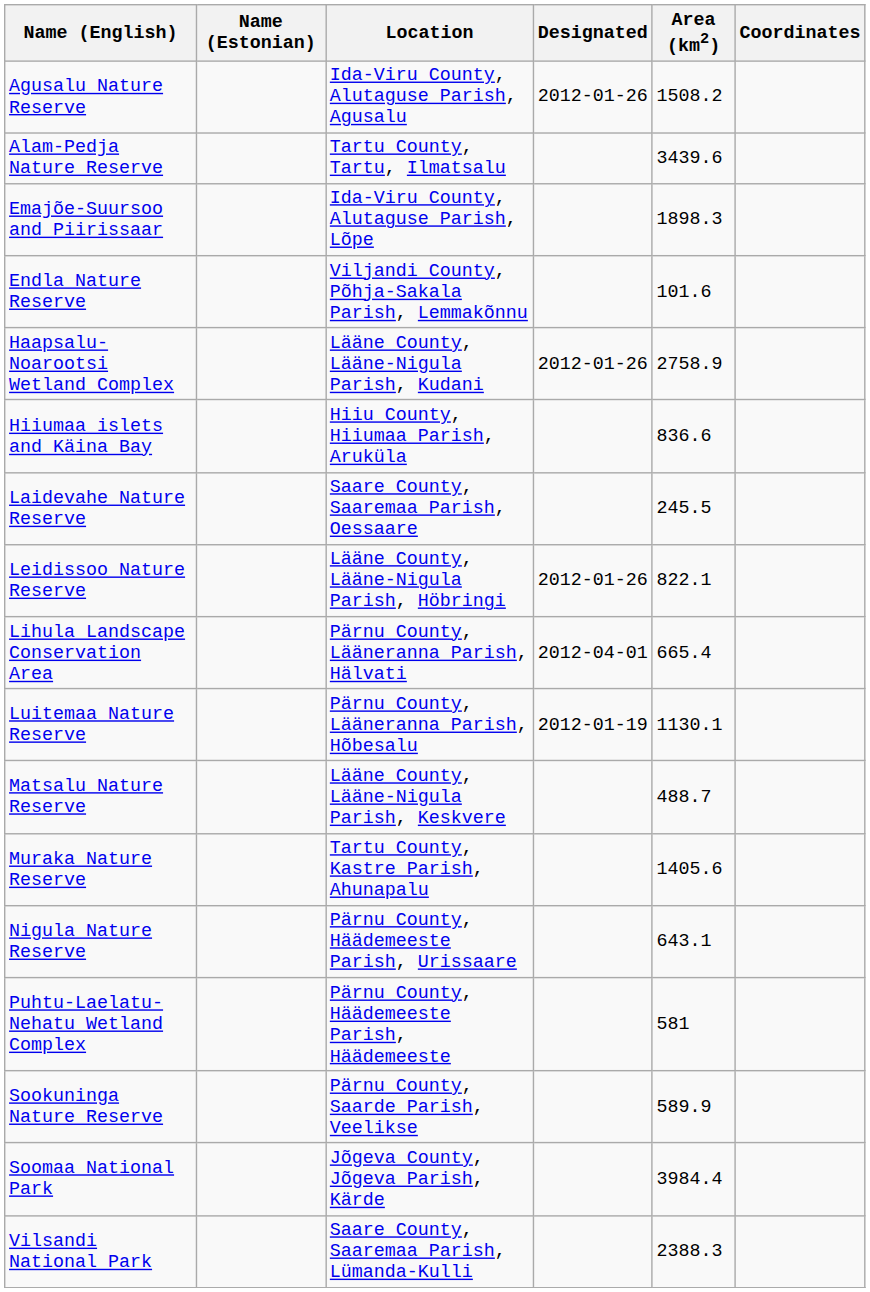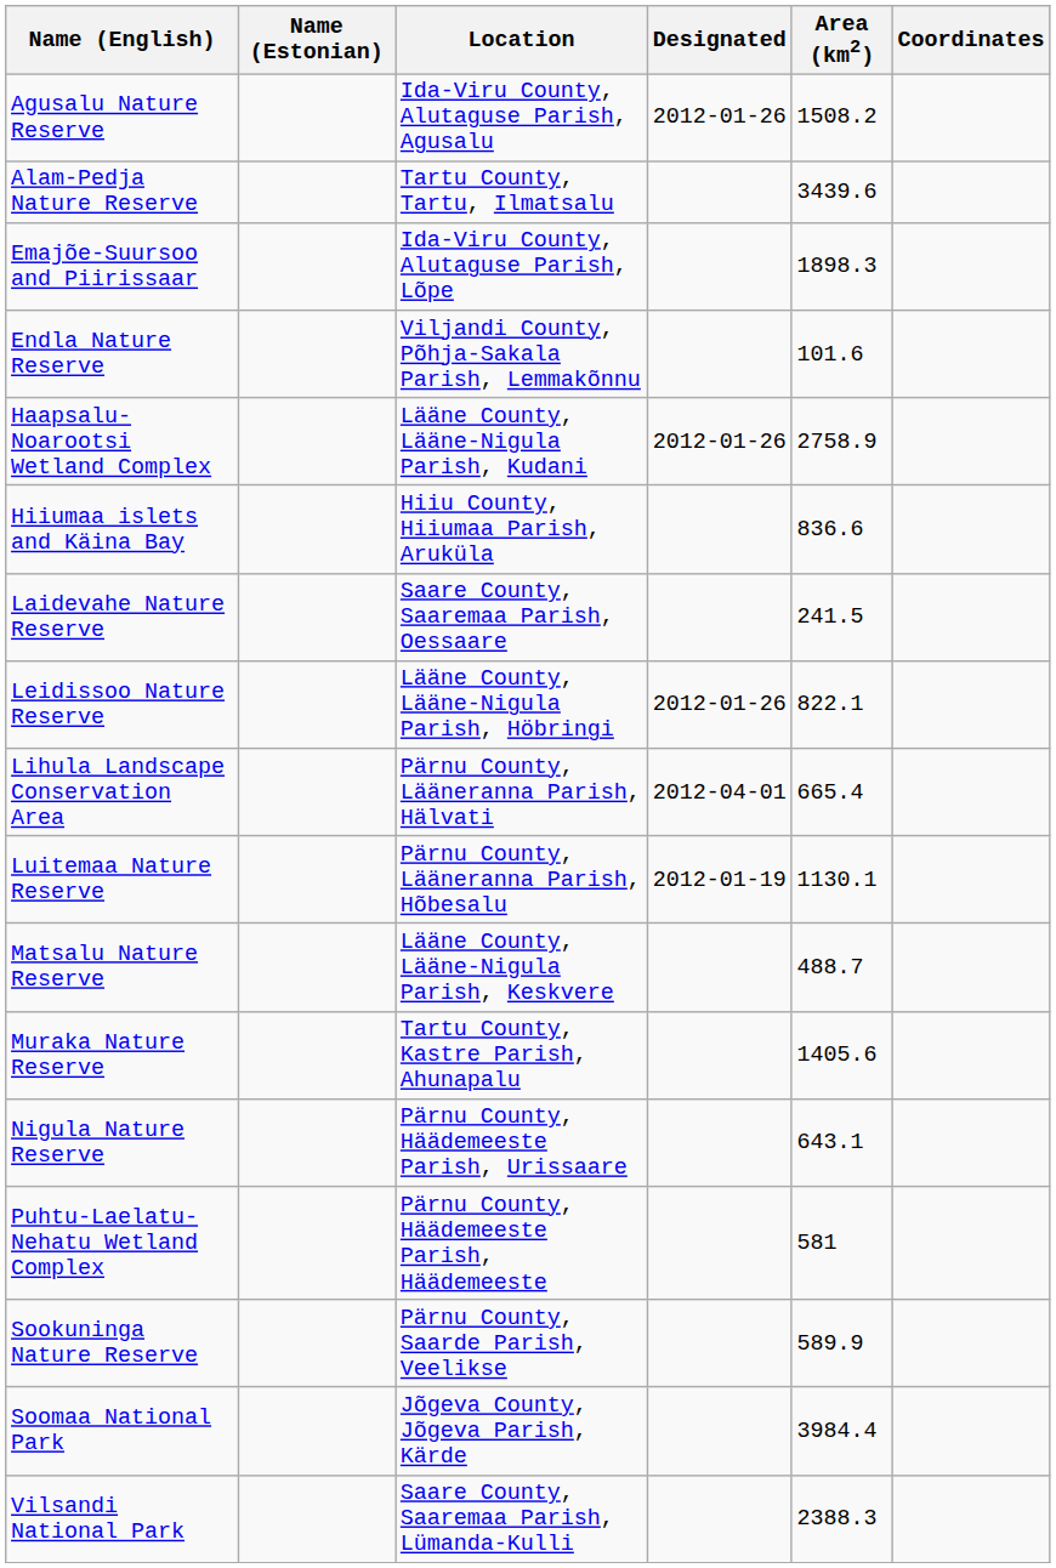 <table class="wikitable sortable">
 <tr>
 <th style="background-color:">Name (English)</th>
 <th style="background-color:">Name (Estonian)</th>
 <th style="background-color:">Location</th>
 <th style="background-color:">Designated</th>
 <th style="background-color:">Area (km<sup>2</sup>)</th>
 <th style="background-color:">Coordinates</th>
 </tr>
 <tr>
 <td><a href='#'>Agusalu Nature Reserve</a></td>
 <td></td>
 <td><a href='#'>Ida-Viru County</a>, <a href='#'>Alutaguse Parish</a>, <a href='#'>Agusalu</a></td>
 <td>2012-01-26</td>
 <td>1508.2</td>
 <td></td>
 </tr>
 <tr>
 <td><a href='#'>Alam-Pedja Nature Reserve</a></td>
 <td></td>
 <td><a href='#'>Tartu County</a>, <a href='#'>Tartu</a>, <a href='#'>Ilmatsalu</a></td>
 <td></td>
 <td>3439.6</td>
 <td></td>
 </tr>
 <tr>
 <td><a href='#'>Emajõe-Suursoo and Piirissaar</a></td>
 <td></td>
 <td><a href='#'>Ida-Viru County</a>, <a href='#'>Alutaguse Parish</a>, <a href='#'>Lõpe</a></td>
 <td></td>
 <td>1898.3</td>
 <td></td>
 </tr>
 <tr>
 <td><a href='#'>Endla Nature Reserve</a></td>
 <td></td>
 <td><a href='#'>Viljandi County</a>, <a href='#'>Põhja-Sakala Parish</a>, <a href='#'>Lemmakõnnu</a></td>
 <td></td>
 <td>101.6</td>
 <td></td>
 </tr>
 <tr>
 <td><a href='#'>Haapsalu-Noarootsi Wetland Complex</a></td>
 <td></td>
 <td><a href='#'>Lääne County</a>, <a href='#'>Lääne-Nigula Parish</a>, <a href='#'>Kudani</a></td>
 <td>2012-01-26</td>
 <td>2758.9</td>
 <td></td>
 </tr>
 <tr>
 <td><a href='#'>Hiiumaa islets and Käina Bay</a></td>
 <td></td>
 <td><a href='#'>Hiiu County</a>, <a href='#'>Hiiumaa Parish</a>, <a href='#'>Aruküla</a></td>
 <td></td>
 <td>836.6</td>
 <td></td>
 </tr>
 <tr>
 <td><a href='#'>Laidevahe Nature Reserve</a></td>
 <td></td>
 <td><a href='#'>Saare County</a>, <a href='#'>Saaremaa Parish</a>, <a href='#'>Oessaare</a></td>
 <td></td>
-<td>245.5</td>
+<td>241.5</td>
 <td></td>
 </tr>
 <tr>
 <td><a href='#'>Leidissoo Nature Reserve</a></td>
 <td></td>
 <td><a href='#'>Lääne County</a>, <a href='#'>Lääne-Nigula Parish</a>, <a href='#'>Höbringi</a></td>
 <td>2012-01-26</td>
 <td>822.1</td>
 <td></td>
 </tr>
 <tr>
 <td><a href='#'>Lihula Landscape Conservation Area</a></td>
 <td></td>
 <td><a href='#'>Pärnu County</a>, <a href='#'>Lääneranna Parish</a>, <a href='#'>Hälvati</a></td>
 <td>2012-04-01</td>
 <td>665.4</td>
 <td></td>
 </tr>
 <tr>
 <td><a href='#'>Luitemaa Nature Reserve</a></td>
 <td></td>
 <td><a href='#'>Pärnu County</a>, <a href='#'>Lääneranna Parish</a>, <a href='#'>Hõbesalu</a></td>
 <td>2012-01-19</td>
 <td>1130.1</td>
 <td></td>
 </tr>
 <tr>
 <td><a href='#'>Matsalu Nature Reserve</a></td>
 <td></td>
 <td><a href='#'>Lääne County</a>, <a href='#'>Lääne-Nigula Parish</a>, <a href='#'>Keskvere</a></td>
 <td></td>
 <td>488.7</td>
 <td></td>
 </tr>
 <tr>
 <td><a href='#'>Muraka Nature Reserve</a></td>
 <td></td>
 <td><a href='#'>Tartu County</a>, <a href='#'>Kastre Parish</a>, <a href='#'>Ahunapalu</a></td>
 <td></td>
 <td>1405.6</td>
 <td></td>
 </tr>
 <tr>
 <td><a href='#'>Nigula Nature Reserve</a></td>
 <td></td>
 <td><a href='#'>Pärnu County</a>, <a href='#'>Häädemeeste Parish</a>, <a href='#'>Urissaare</a></td>
 <td></td>
 <td>643.1</td>
 <td></td>
 </tr>
 <tr>
 <td><a href='#'>Puhtu-Laelatu-Nehatu Wetland Complex</a></td>
 <td></td>
 <td><a href='#'>Pärnu County</a>, <a href='#'>Häädemeeste Parish</a>, <a href='#'>Häädemeeste</a></td>
 <td></td>
 <td>581</td>
 <td></td>
 </tr>
 <tr>
 <td><a href='#'>Sookuninga Nature Reserve</a></td>
 <td></td>
 <td><a href='#'>Pärnu County</a>, <a href='#'>Saarde Parish</a>, <a href='#'>Veelikse</a></td>
 <td></td>
 <td>589.9</td>
 <td></td>
 </tr>
 <tr>
 <td><a href='#'>Soomaa National Park</a></td>
 <td></td>
 <td><a href='#'>Jõgeva County</a>, <a href='#'>Jõgeva Parish</a>, <a href='#'>Kärde</a></td>
 <td></td>
 <td>3984.4</td>
 <td></td>
 </tr>
 <tr>
 <td><a href='#'>Vilsandi National Park</a></td>
 <td></td>
 <td><a href='#'>Saare County</a>, <a href='#'>Saaremaa Parish</a>, <a href='#'>Lümanda-Kulli</a></td>
 <td></td>
 <td>2388.3</td>
 <td></td>
 </tr>
 <tr>
 </tr>
 </table>
